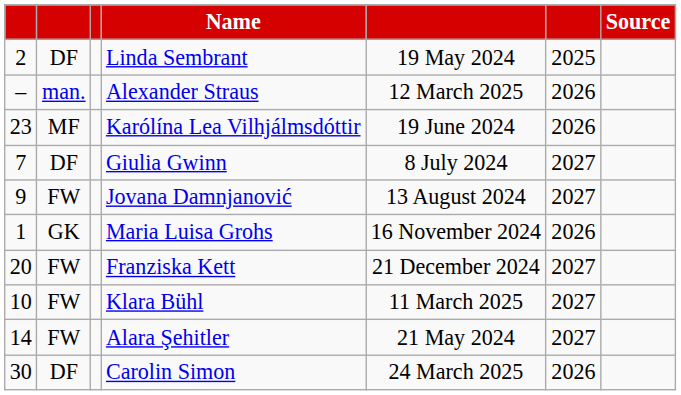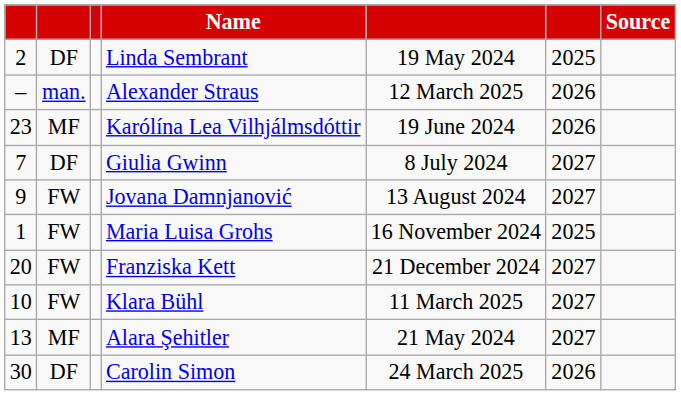 <table class="wikitable">
 <tr>
 <th style="background:#D50000; color:#FFFFFF; "></th>
 <th style="background:#D50000; color:#FFFFFF; "></th>
 <th style="background:#D50000; color:#FFFFFF; "></th>
 <th style="background:#D50000; color:#FFFFFF; ">Name</th>
 <th style="background:#D50000; color:#FFFFFF; "></th>
 <th style="background:#D50000; color:#FFFFFF; "></th>
 <th style="background:#D50000; color:#FFFFFF; ">Source</th>
 </tr>
 <tr>
 <td style="text-align:center;">2</td>
 <td style="text-align:center;">DF</td>
 <td></td>
 <td><a href='#'>Linda Sembrant</a></td>
 <td style="text-align:center;">19 May 2024</td>
 <td>2025</td>
 <td style="text-align:center;"></td>
 </tr>
 <tr>
 <td style="text-align:center;">–</td>
 <td style="text-align:center;"><a href='#'>man.</a></td>
 <td></td>
 <td><a href='#'>Alexander Straus</a></td>
 <td style="text-align:center;">12 March 2025</td>
 <td>2026</td>
 <td style="text-align:center;"></td>
 </tr>
 <tr>
 <td style="text-align:center;">23</td>
 <td style="text-align:center;">MF</td>
 <td></td>
 <td><a href='#'>Karólína Lea Vilhjálmsdóttir</a></td>
 <td style="text-align:center;">19 June 2024</td>
 <td>2026</td>
 <td style="text-align:center;"></td>
 </tr>
 <tr>
 <td style="text-align:center;">7</td>
 <td style="text-align:center;">DF</td>
 <td></td>
 <td><a href='#'>Giulia Gwinn</a></td>
 <td style="text-align:center;">8 July 2024</td>
 <td>2027</td>
 <td style="text-align:center;"></td>
 </tr>
 <tr>
 <td style="text-align:center;">9</td>
 <td style="text-align:center;">FW</td>
 <td></td>
 <td><a href='#'>Jovana Damnjanović</a></td>
 <td style="text-align:center;">13 August 2024</td>
 <td>2027</td>
 <td style="text-align:center;"></td>
 </tr>
 <tr>
 <td style="text-align:center;">1</td>
-<td style="text-align:center;">GK</td>
+<td style="text-align:center;">FW</td>
 <td></td>
 <td><a href='#'>Maria Luisa Grohs</a></td>
 <td style="text-align:center;">16 November 2024</td>
-<td>2026</td>
+<td>2025</td>
 <td style="text-align:center;"></td>
 </tr>
 <tr>
 <td style="text-align:center;">20</td>
 <td style="text-align:center;">FW</td>
 <td></td>
 <td><a href='#'>Franziska Kett</a></td>
 <td style="text-align:center;">21 December 2024</td>
 <td>2027</td>
 <td style="text-align:center;"></td>
 </tr>
 <tr>
 <td style="text-align:center;">10</td>
 <td style="text-align:center;">FW</td>
 <td></td>
 <td><a href='#'>Klara Bühl</a></td>
 <td style="text-align:center;">11 March 2025</td>
 <td>2027</td>
 <td style="text-align:center;"></td>
 </tr>
 <tr>
-<td style="text-align:center;">14</td>
-<td style="text-align:center;">FW</td>
+<td style="text-align:center;">13</td>
+<td style="text-align:center;">MF</td>
 <td></td>
 <td><a href='#'>Alara Şehitler</a></td>
 <td style="text-align:center;">21 May 2024</td>
 <td>2027</td>
 <td style="text-align:center;"></td>
 </tr>
 <tr>
 <td style="text-align:center;">30</td>
 <td style="text-align:center;">DF</td>
 <td></td>
 <td><a href='#'>Carolin Simon</a></td>
 <td style="text-align:center;">24 March 2025</td>
 <td>2026</td>
 <td style="text-align:center;"></td>
 </tr>
 </table>
